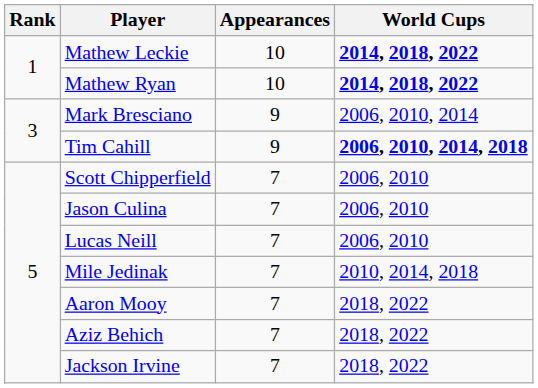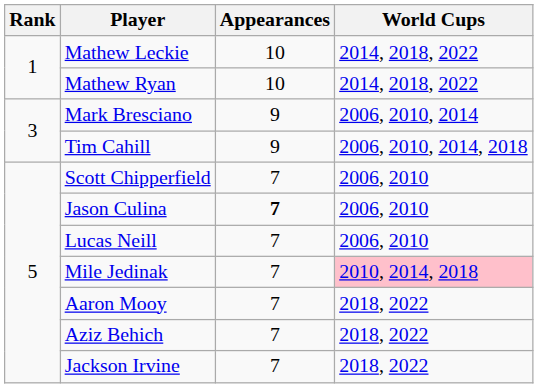 <table class="wikitable">
 <tr>
 <th>Rank</th>
 <th>Player</th>
 <th>Appearances</th>
 <th>World Cups</th>
 </tr>
 <tr>
 <td rowspan=2 align=center>1</td>
 <td><a href='#'>Mathew Leckie</a></td>
 <td align="center">10</td>
-<td><strong><a href='#'>2014</a>, <a href='#'>2018</a>, <a href='#'>2022</a></strong></td>
+<td><a href='#'>2014</a>, <a href='#'>2018</a>, <a href='#'>2022</a></td>
 </tr>
 <tr>
 <td><a href='#'>Mathew Ryan</a></td>
 <td align=center>10</td>
-<td><strong><a href='#'>2014</a>, <a href='#'>2018</a>, <a href='#'>2022</a></strong></td>
+<td><a href='#'>2014</a>, <a href='#'>2018</a>, <a href='#'>2022</a></td>
 </tr>
 <tr>
 <td rowspan=2 align=center>3</td>
 <td><a href='#'>Mark Bresciano</a></td>
 <td align=center>9</td>
 <td><a href='#'>2006</a>, <a href='#'>2010</a>, <a href='#'>2014</a></td>
 </tr>
 <tr>
 <td><a href='#'>Tim Cahill</a></td>
 <td align=center>9</td>
-<td><strong><a href='#'>2006</a>, <a href='#'>2010</a>, <a href='#'>2014</a>, <a href='#'>2018</a></strong></td>
+<td><a href='#'>2006</a>, <a href='#'>2010</a>, <a href='#'>2014</a>, <a href='#'>2018</a></td>
 </tr>
 <tr>
 <td rowspan=7 align=center>5</td>
 <td><a href='#'>Scott Chipperfield</a></td>
 <td align=center>7</td>
 <td><a href='#'>2006</a>, <a href='#'>2010</a></td>
 </tr>
 <tr>
 <td><a href='#'>Jason Culina</a></td>
-<td align=center>7</td>
+<td align=center><strong>7</strong></td>
 <td><a href='#'>2006</a>, <a href='#'>2010</a></td>
 </tr>
 <tr>
 <td><a href='#'>Lucas Neill</a></td>
 <td align=center>7</td>
 <td><a href='#'>2006</a>, <a href='#'>2010</a></td>
 </tr>
 <tr>
 <td><a href='#'>Mile Jedinak</a></td>
 <td align=center>7</td>
-<td><a href='#'>2010</a>, <a href='#'>2014</a>, <a href='#'>2018</a></td>
+<td style="background: pink;"><a href='#'>2010</a>, <a href='#'>2014</a>, <a href='#'>2018</a></td>
 </tr>
 <tr>
 <td><a href='#'>Aaron Mooy</a></td>
 <td align=center>7</td>
 <td><a href='#'>2018</a>, <a href='#'>2022</a></td>
 </tr>
 <tr>
 <td><a href='#'>Aziz Behich</a></td>
 <td align=center>7</td>
 <td><a href='#'>2018</a>, <a href='#'>2022</a></td>
 </tr>
 <tr>
 <td><a href='#'>Jackson Irvine</a></td>
 <td align=center>7</td>
 <td><a href='#'>2018</a>, <a href='#'>2022</a></td>
 </tr>
 </table>
